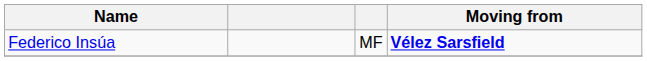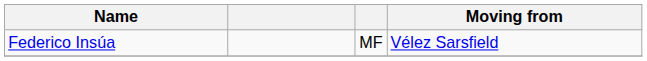 <table class="wikitable" style="text-align: center; width:50%">
 <tr>
 <th width=35% align="center">Name</th>
 <th width=20% align="center"></th>
 <th width=5% align="center"></th>
 <th width=50% align="center">Moving from</th>
 </tr>
 <tr>
 <td align=left><a href='#'>Federico Insúa</a></td>
 <td></td>
 <td>MF</td>
-<td align=left><strong> <a href='#'>Vélez Sarsfield</a></strong></td>
+<td align=left> <a href='#'>Vélez Sarsfield</a></td>
 </tr>
 <tr>
 </tr>
 </table>
